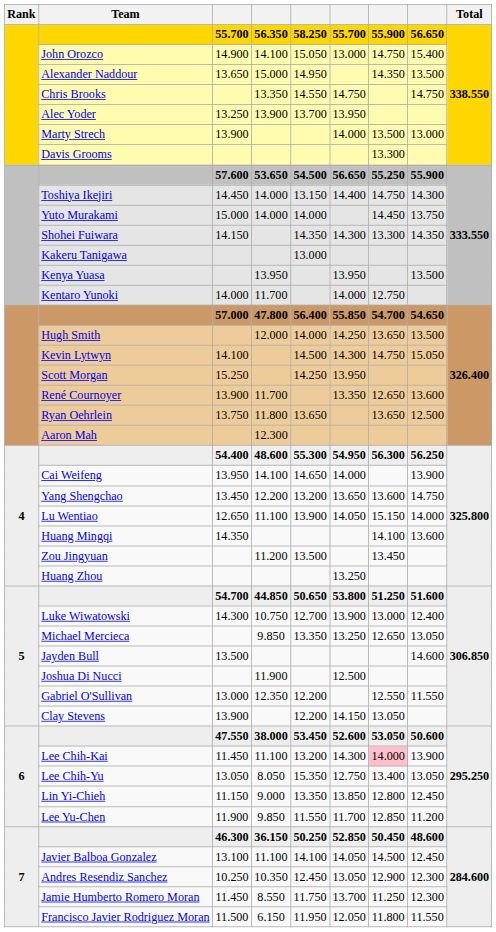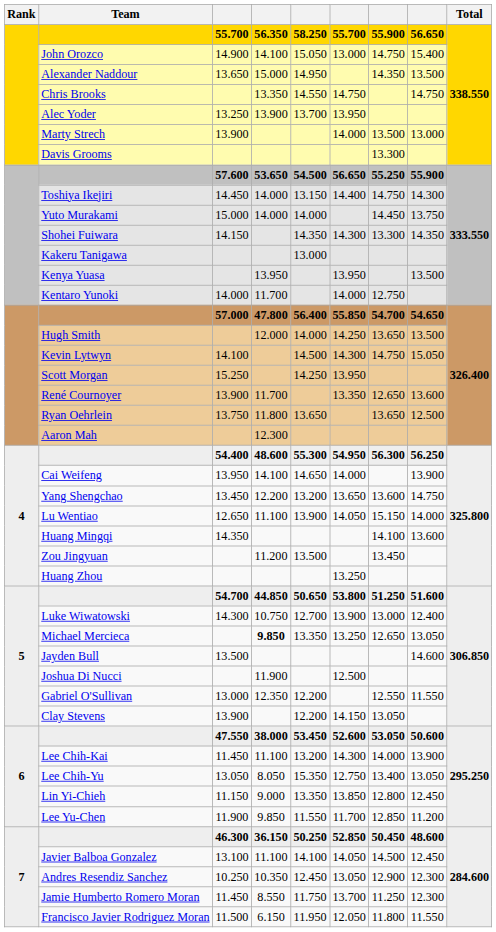 <table class="wikitable" style="text-align:center; font-size:95%">
 <tr>
 <th>Rank</th>
 <th>Team</th>
 <th></th>
 <th></th>
 <th></th>
 <th></th>
 <th></th>
 <th></th>
 <th>Total</th>
 </tr>
 <tr bgcolor=gold>
 <td rowspan=7></td>
 <td align="left"><strong></strong></td>
 <td><strong>55.700</strong></td>
 <td><strong>56.350</strong></td>
 <td><strong>58.250</strong></td>
 <td><strong>55.700</strong></td>
 <td><strong>55.900</strong></td>
 <td><strong>56.650</strong></td>
 <td rowspan=7><strong>338.550</strong></td>
 </tr>
 <tr bgcolor=fffcaf>
 <td align="left"><a href='#'>John Orozco</a></td>
 <td>14.900</td>
 <td>14.100</td>
 <td>15.050</td>
 <td>13.000</td>
 <td>14.750</td>
 <td>15.400</td>
 </tr>
 <tr bgcolor=fffcaf>
 <td align="left"><a href='#'>Alexander Naddour</a></td>
 <td>13.650</td>
 <td>15.000</td>
 <td>14.950</td>
 <td></td>
 <td>14.350</td>
 <td>13.500</td>
 </tr>
 <tr bgcolor=fffcaf>
 <td align="left"><a href='#'>Chris Brooks</a></td>
 <td></td>
 <td>13.350</td>
 <td>14.550</td>
 <td>14.750</td>
 <td></td>
 <td>14.750</td>
 </tr>
 <tr bgcolor=fffcaf>
 <td align="left"><a href='#'>Alec Yoder</a></td>
 <td>13.250</td>
 <td>13.900</td>
 <td>13.700</td>
 <td>13.950</td>
 <td></td>
 <td></td>
 </tr>
 <tr bgcolor=fffcaf>
 <td align="left"><a href='#'>Marty Strech</a></td>
 <td>13.900</td>
 <td></td>
 <td></td>
 <td>14.000</td>
 <td>13.500</td>
 <td>13.000</td>
 </tr>
 <tr bgcolor=fffcaf>
 <td align="left"><a href='#'>Davis Grooms</a></td>
 <td></td>
 <td></td>
 <td></td>
 <td></td>
 <td>13.300</td>
 <td></td>
 </tr>
 <tr bgcolor=silver>
 <td rowspan=7></td>
 <td align="left"><strong></strong></td>
 <td><strong>57.600</strong></td>
 <td><strong>53.650</strong></td>
 <td><strong>54.500</strong></td>
 <td><strong>56.650</strong></td>
 <td><strong>55.250</strong></td>
 <td><strong>55.900</strong></td>
 <td rowspan=7><strong>333.550</strong></td>
 </tr>
 <tr bgcolor=e5e5e5>
 <td align="left"><a href='#'>Toshiya Ikejiri</a></td>
 <td>14.450</td>
 <td>14.000</td>
 <td>13.150</td>
 <td>14.400</td>
 <td>14.750</td>
 <td>14.300</td>
 </tr>
 <tr bgcolor=e5e5e5>
 <td align="left"><a href='#'>Yuto Murakami</a></td>
 <td>15.000</td>
 <td>14.000</td>
 <td>14.000</td>
 <td></td>
 <td>14.450</td>
 <td>13.750</td>
 </tr>
 <tr bgcolor=e5e5e5>
 <td align="left"><a href='#'>Shohei Fuiwara</a></td>
 <td>14.150</td>
 <td></td>
 <td>14.350</td>
 <td>14.300</td>
 <td>13.300</td>
 <td>14.350</td>
 </tr>
 <tr bgcolor=e5e5e5>
 <td align="left"><a href='#'>Kakeru Tanigawa</a></td>
 <td></td>
 <td></td>
 <td>13.000</td>
 <td></td>
 <td></td>
 <td></td>
 </tr>
 <tr bgcolor=e5e5e5>
 <td align="left"><a href='#'>Kenya Yuasa</a></td>
 <td></td>
 <td>13.950</td>
 <td></td>
 <td>13.950</td>
 <td></td>
 <td>13.500</td>
 </tr>
 <tr bgcolor=e5e5e5>
 <td align="left"><a href='#'>Kentaro Yunoki</a></td>
 <td>14.000</td>
 <td>11.700</td>
 <td></td>
 <td>14.000</td>
 <td>12.750</td>
 <td></td>
 </tr>
 <tr bgcolor=cc9966>
 <td rowspan=7></td>
 <td align="left"><strong></strong></td>
 <td><strong>57.000</strong></td>
 <td><strong>47.800</strong></td>
 <td><strong>56.400</strong></td>
 <td><strong>55.850</strong></td>
 <td><strong>54.700</strong></td>
 <td><strong>54.650</strong></td>
 <td rowspan=7><strong>326.400</strong></td>
 </tr>
 <tr bgcolor=eecc99>
 <td align="left"><a href='#'>Hugh Smith</a></td>
 <td></td>
 <td>12.000</td>
 <td>14.000</td>
 <td>14.250</td>
 <td>13.650</td>
 <td>13.500</td>
 </tr>
 <tr bgcolor=eecc99>
 <td align="left"><a href='#'>Kevin Lytwyn</a></td>
 <td>14.100</td>
 <td></td>
 <td>14.500</td>
 <td>14.300</td>
 <td>14.750</td>
 <td>15.050</td>
 </tr>
 <tr bgcolor=eecc99>
 <td align="left"><a href='#'>Scott Morgan</a></td>
 <td>15.250</td>
 <td></td>
 <td>14.250</td>
 <td>13.950</td>
 <td></td>
 <td></td>
 </tr>
 <tr bgcolor=eecc99>
 <td align="left"><a href='#'>René Cournoyer</a></td>
 <td>13.900</td>
 <td>11.700</td>
 <td></td>
 <td>13.350</td>
 <td>12.650</td>
 <td>13.600</td>
 </tr>
 <tr bgcolor=eecc99>
 <td align="left"><a href='#'>Ryan Oehrlein</a></td>
 <td>13.750</td>
 <td>11.800</td>
 <td>13.650</td>
 <td></td>
 <td>13.650</td>
 <td>12.500</td>
 </tr>
 <tr bgcolor=eecc99>
 <td align="left"><a href='#'>Aaron Mah</a></td>
 <td></td>
 <td>12.300</td>
 <td></td>
 <td></td>
 <td></td>
 <td></td>
 </tr>
 <tr bgcolor=eeeeee>
 <td rowspan=7><strong>4</strong></td>
 <td align="left"><strong></strong></td>
 <td><strong>54.400</strong></td>
 <td><strong>48.600</strong></td>
 <td><strong>55.300</strong></td>
 <td><strong>54.950</strong></td>
 <td><strong>56.300</strong></td>
 <td><strong>56.250</strong></td>
 <td rowspan=7><strong>325.800</strong></td>
 </tr>
 <tr>
 <td align="left"><a href='#'>Cai Weifeng</a></td>
 <td>13.950</td>
 <td>14.100</td>
 <td>14.650</td>
 <td>14.000</td>
 <td></td>
 <td>13.900</td>
 </tr>
 <tr>
 <td align="left"><a href='#'>Yang Shengchao</a></td>
 <td>13.450</td>
 <td>12.200</td>
 <td>13.200</td>
 <td>13.650</td>
 <td>13.600</td>
 <td>14.750</td>
 </tr>
 <tr>
 <td align="left"><a href='#'>Lu Wentiao</a></td>
 <td>12.650</td>
 <td>11.100</td>
 <td>13.900</td>
 <td>14.050</td>
 <td>15.150</td>
 <td>14.000</td>
 </tr>
 <tr>
 <td align="left"><a href='#'>Huang Mingqi</a></td>
 <td>14.350</td>
 <td></td>
 <td></td>
 <td></td>
 <td>14.100</td>
 <td>13.600</td>
 </tr>
 <tr>
 <td align="left"><a href='#'>Zou Jingyuan</a></td>
 <td></td>
 <td>11.200</td>
 <td>13.500</td>
 <td></td>
 <td>13.450</td>
 <td></td>
 </tr>
 <tr>
 <td align="left"><a href='#'>Huang Zhou</a></td>
 <td></td>
 <td></td>
 <td></td>
 <td>13.250</td>
 <td></td>
 <td></td>
 </tr>
 <tr bgcolor=eeeeee>
 <td rowspan=7><strong>5</strong></td>
 <td align="left"><strong></strong></td>
 <td><strong>54.700</strong></td>
 <td><strong>44.850</strong></td>
 <td><strong>50.650</strong></td>
 <td><strong>53.800</strong></td>
 <td><strong>51.250</strong></td>
 <td><strong>51.600</strong></td>
 <td rowspan=7><strong>306.850</strong></td>
 </tr>
 <tr>
 <td align="left"><a href='#'>Luke Wiwatowski</a></td>
 <td>14.300</td>
 <td>10.750</td>
 <td>12.700</td>
 <td>13.900</td>
 <td>13.000</td>
 <td>12.400</td>
 </tr>
 <tr>
 <td align="left"><a href='#'>Michael Mercieca</a></td>
 <td></td>
-<td>9.850</td>
+<td><strong>9.850</strong></td>
 <td>13.350</td>
 <td>13.250</td>
 <td>12.650</td>
 <td>13.050</td>
 </tr>
 <tr>
 <td align="left"><a href='#'>Jayden Bull</a></td>
 <td>13.500</td>
 <td></td>
 <td></td>
 <td></td>
 <td></td>
 <td>14.600</td>
 </tr>
 <tr>
 <td align="left"><a href='#'>Joshua Di Nucci</a></td>
 <td></td>
 <td>11.900</td>
 <td></td>
 <td>12.500</td>
 <td></td>
 <td></td>
 </tr>
 <tr>
 <td align="left"><a href='#'>Gabriel O'Sullivan</a></td>
 <td>13.000</td>
 <td>12.350</td>
 <td>12.200</td>
 <td></td>
 <td>12.550</td>
 <td>11.550</td>
 </tr>
 <tr>
 <td align="left"><a href='#'>Clay Stevens</a></td>
 <td>13.900</td>
 <td></td>
 <td>12.200</td>
 <td>14.150</td>
 <td>13.050</td>
 <td></td>
 </tr>
 <tr bgcolor=eeeeee>
 <td rowspan=5><strong>6</strong></td>
 <td align="left"><strong></strong></td>
 <td><strong>47.550</strong></td>
 <td><strong>38.000</strong></td>
 <td><strong>53.450</strong></td>
 <td><strong>52.600</strong></td>
 <td><strong>53.050</strong></td>
 <td><strong>50.600</strong></td>
 <td rowspan=5><strong>295.250</strong></td>
 </tr>
 <tr>
 <td align="left"><a href='#'>Lee Chih-Kai</a></td>
 <td>11.450</td>
 <td>11.100</td>
 <td>13.200</td>
 <td>14.300</td>
-<td style="background: pink;">14.000</td>
+<td>14.000</td>
 <td>13.900</td>
 </tr>
 <tr>
 <td align="left"><a href='#'>Lee Chih-Yu</a></td>
 <td>13.050</td>
 <td>8.050</td>
 <td>15.350</td>
 <td>12.750</td>
 <td>13.400</td>
 <td>13.050</td>
 </tr>
 <tr>
 <td align="left"><a href='#'>Lin Yi-Chieh</a></td>
 <td>11.150</td>
 <td>9.000</td>
 <td>13.350</td>
 <td>13.850</td>
 <td>12.800</td>
 <td>12.450</td>
 </tr>
 <tr>
 <td align="left"><a href='#'>Lee Yu-Chen</a></td>
 <td>11.900</td>
 <td>9.850</td>
 <td>11.550</td>
 <td>11.700</td>
 <td>12.850</td>
 <td>11.200</td>
 </tr>
 <tr bgcolor=eeeeee>
 <td rowspan=5><strong>7</strong></td>
 <td align="left"><strong></strong></td>
 <td><strong>46.300</strong></td>
 <td><strong>36.150</strong></td>
 <td><strong>50.250</strong></td>
 <td><strong>52.850</strong></td>
 <td><strong>50.450</strong></td>
 <td><strong>48.600</strong></td>
 <td rowspan=5><strong>284.600</strong></td>
 </tr>
 <tr>
 <td align="left"><a href='#'>Javier Balboa Gonzalez</a></td>
 <td>13.100</td>
 <td>11.100</td>
 <td>14.100</td>
 <td>14.050</td>
 <td>14.500</td>
 <td>12.450</td>
 </tr>
 <tr>
 <td align="left"><a href='#'>Andres Resendiz Sanchez</a></td>
 <td>10.250</td>
 <td>10.350</td>
 <td>12.450</td>
 <td>13.050</td>
 <td>12.900</td>
 <td>12.300</td>
 </tr>
 <tr>
 <td align="left"><a href='#'>Jamie Humberto Romero Moran</a></td>
 <td>11.450</td>
 <td>8.550</td>
 <td>11.750</td>
 <td>13.700</td>
 <td>11.250</td>
 <td>12.300</td>
 </tr>
 <tr>
 <td align="left"><a href='#'>Francisco Javier Rodriguez Moran</a></td>
 <td>11.500</td>
 <td>6.150</td>
 <td>11.950</td>
 <td>12.050</td>
 <td>11.800</td>
 <td>11.550</td>
 </tr>
 </table>
